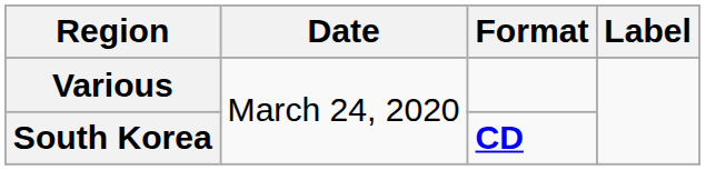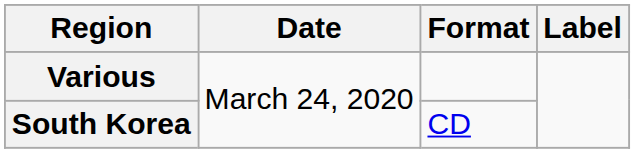 <table class="wikitable plainrowheaders">
 <tr>
 <th>Region</th>
 <th>Date</th>
 <th>Format</th>
 <th>Label</th>
 </tr>
 <tr>
 <th scope="row">Various</th>
 <td rowspan="2">March 24, 2020</td>
 <td></td>
 <td rowspan="2"></td>
 </tr>
 <tr>
 <th scope="row">South Korea</th>
-<td><strong><a href='#'>CD</a></strong></td>
+<td><a href='#'>CD</a></td>
 </tr>
 </table>
